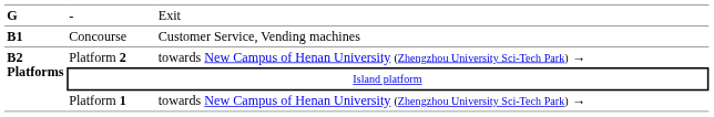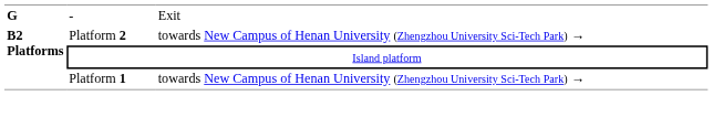 <table table border=0 cellspacing=0 cellpadding=3>
 <tr>
 <td style="border-top:solid 1px gray;" width=50 valign=top><strong>G</strong></td>
 <td style="border-top:solid 1px gray;" width=100 valign=top>-</td>
 <td style="border-top:solid 1px gray;" width=650 valign=top>Exit</td>
-</tr>
-<tr>
-<td style="border-bottom:solid 1px gray; border-top:solid 1px gray;" valign=top width=50><strong>B1</strong></td>
-<td style="border-bottom:solid 1px gray; border-top:solid 1px gray;" valign=top width=100>Concourse<br></td>
-<td style="border-bottom:solid 1px gray; border-top:solid 1px gray;" valign=top width=390>Customer Service, Vending machines</td>
 </tr>
 <tr>
 <td style="border-bottom:solid 1px gray;" rowspan="3" valign=top><strong>B2<br>Platforms</strong></td>
 <td>Platform <span> <strong>2</strong></span></td>
 <td> towards <a href='#'>New Campus of Henan University</a> <small>(<a href='#'>Zhengzhou University Sci-Tech Park</a>)</small>  →</td>
 </tr>
 <tr>
 <td style="border-right:solid 2px black;border-left:solid 2px black;border-top:solid 2px black;border-bottom:solid 2px black;text-align:center;" colspan=2><small><a href='#'>Island platform</a></small></td>
 </tr>
 <tr>
 <td style="border-bottom:solid 1px gray;">Platform <span> <strong>1</strong></span></td>
 <td style="border-bottom:solid 1px gray;"> towards <a href='#'>New Campus of Henan University</a> <small>(<a href='#'>Zhengzhou University Sci-Tech Park</a>)</small> →</td>
 </tr>
 </table>
